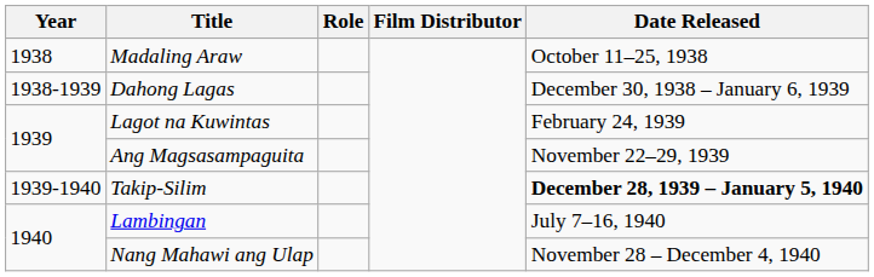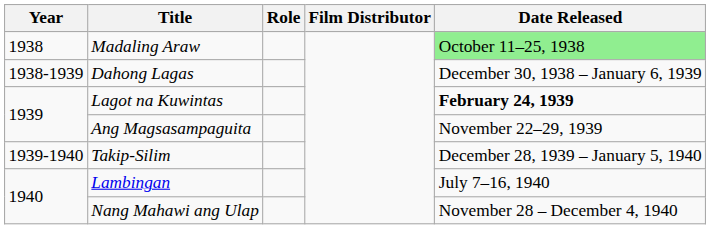 <table class="wikitable" style="font-size: 100%;">
 <tr>
 <th>Year</th>
 <th>Title</th>
 <th>Role</th>
 <th>Film Distributor</th>
 <th>Date Released</th>
 </tr>
 <tr>
 <td>1938</td>
 <td><em>Madaling Araw</em></td>
 <td></td>
 <td rowspan="18"></td>
-<td>October 11–25, 1938</td>
+<td style="background: lightgreen;">October 11–25, 1938</td>
 </tr>
 <tr>
 <td>1938-1939</td>
 <td><em>Dahong Lagas</em></td>
 <td></td>
 <td>December 30, 1938 – January 6, 1939</td>
 </tr>
 <tr>
 <td rowspan="2">1939</td>
 <td><em>Lagot na Kuwintas</em></td>
 <td></td>
-<td>February 24, 1939</td>
+<td><strong>February 24, 1939</strong></td>
 </tr>
 <tr>
 <td><em>Ang Magsasampaguita</em></td>
 <td></td>
 <td>November 22–29, 1939</td>
 </tr>
 <tr>
 <td>1939-1940</td>
 <td><em>Takip-Silim</em></td>
 <td></td>
-<td><strong>December 28, 1939 – January 5, 1940</strong></td>
+<td>December 28, 1939 – January 5, 1940</td>
 </tr>
 <tr>
 <td rowspan="2">1940</td>
 <td><em><a href='#'>Lambingan</a></em></td>
 <td></td>
 <td>July 7–16, 1940</td>
 </tr>
 <tr>
 <td><em>Nang Mahawi ang Ulap</em></td>
 <td></td>
 <td>November 28 – December 4, 1940</td>
 </tr>
 </table>
